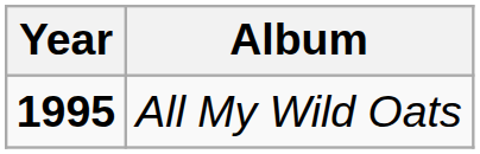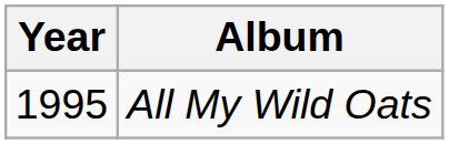 <table class="wikitable">
 <tr>
 <th>Year</th>
 <th>Album</th>
 </tr>
 <tr>
-<td><strong>1995</strong></td>
+<td>1995</td>
 <td><em>All My Wild Oats</em></td>
 </tr>
 </table>
